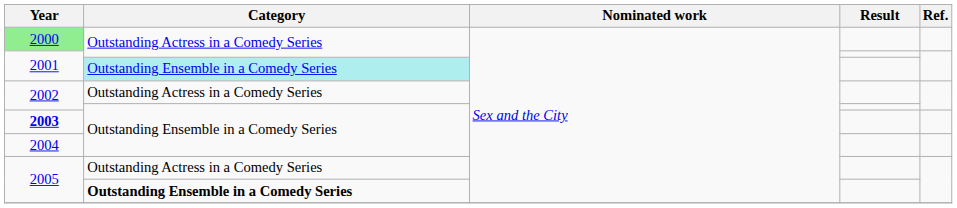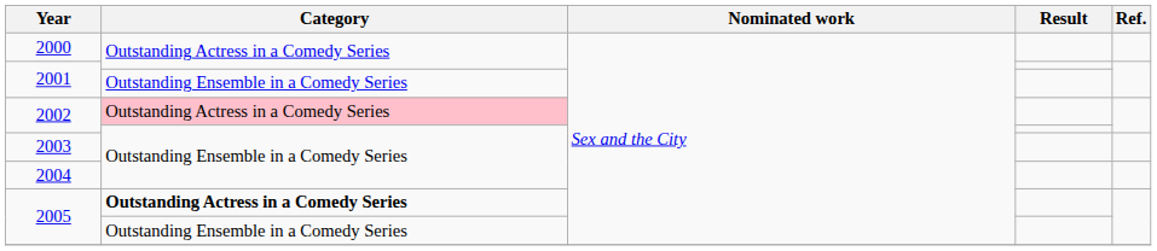 <table class=wikitable>
 <tr>
 <th scope="col" style="width:5em;">Year</th>
 <th scope="col" style="width:26em;">Category</th>
 <th scope="col" style="width:25em;">Nominated work</th>
 <th scope="col" style="width:5em;">Result</th>
 <th>Ref.</th>
 </tr>
 <tr>
-<td style="background: lightgreen; text-align:center;"><a href='#'>2000</a></td>
+<td style="text-align:center;"><a href='#'>2000</a></td>
 <td rowspan="2"><a href='#'>Outstanding Actress in a Comedy Series</a></td>
 <td rowspan="9"><em><a href='#'>Sex and the City</a></em></td>
 <td></td>
 <td></td>
 </tr>
 <tr>
 <td style="text-align:center;", rowspan="2"><a href='#'>2001</a></td>
 <td></td>
 <td rowspan="2"></td>
 </tr>
 <tr>
-<td style="background: paleturquoise;"><a href='#'>Outstanding Ensemble in a Comedy Series</a></td>
+<td><a href='#'>Outstanding Ensemble in a Comedy Series</a></td>
 <td></td>
 </tr>
 <tr>
 <td style="text-align:center;", rowspan="2"><a href='#'>2002</a></td>
-<td>Outstanding Actress in a Comedy Series</td>
+<td style="background: pink;">Outstanding Actress in a Comedy Series</td>
 <td></td>
 <td rowspan="2"></td>
 </tr>
 <tr>
 <td rowspan="3">Outstanding Ensemble in a Comedy Series</td>
 <td></td>
 </tr>
 <tr>
-<td style="text-align:center;"><strong><a href='#'>2003</a></strong></td>
+<td style="text-align:center;"><a href='#'>2003</a></td>
 <td></td>
 <td></td>
 </tr>
 <tr>
 <td style="text-align:center;"><a href='#'>2004</a></td>
 <td></td>
 <td></td>
 </tr>
 <tr>
 <td style="text-align:center;", rowspan="2"><a href='#'>2005</a></td>
-<td>Outstanding Actress in a Comedy Series</td>
+<td><strong>Outstanding Actress in a Comedy Series</strong></td>
 <td></td>
 <td rowspan="2"></td>
 </tr>
 <tr>
-<td><strong>Outstanding Ensemble in a Comedy Series</strong></td>
+<td>Outstanding Ensemble in a Comedy Series</td>
 <td></td>
 </tr>
 <tr>
 </tr>
 </table>
